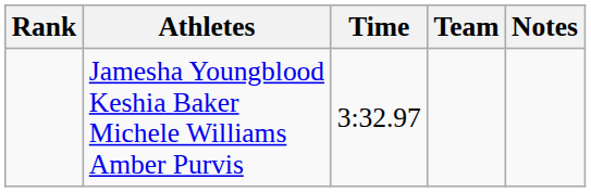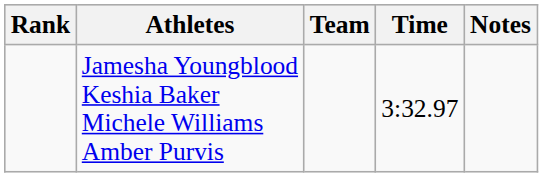 <table class="wikitable sortable">
 <tr>
 <th>Rank</th>
 <th>Athletes</th>
+<th>Team</th>
 <th>Time</th>
-<th>Team</th>
 <th>Notes</th>
 </tr>
 <tr>
 <td align=center></td>
 <td><a href='#'>Jamesha Youngblood</a><br><a href='#'>Keshia Baker</a><br><a href='#'>Michele Williams</a><br><a href='#'>Amber Purvis</a></td>
+<td></td>
 <td>3:32.97</td>
-<td></td>
 <td></td>
 </tr>
 </table>
